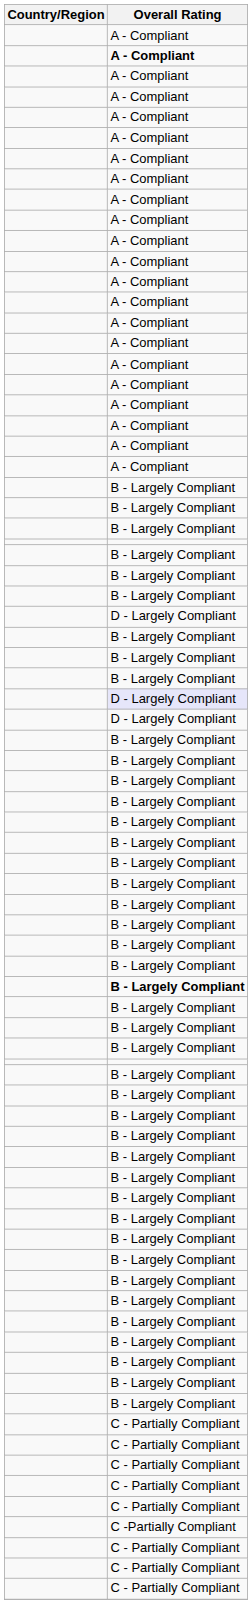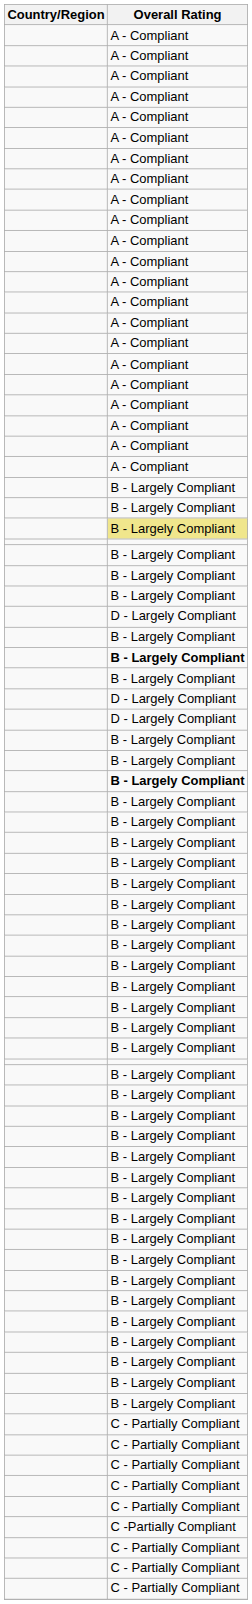 <table class="wikitable sortable">
 <tr>
 <th style="width:2em;">Country/Region</th>
 <th>Overall Rating</th>
 </tr>
 <tr>
 <td></td>
 <td>A - Compliant</td>
 </tr>
 <tr>
 <td></td>
-<td><strong>A - Compliant</strong></td>
+<td>A - Compliant</td>
 </tr>
 <tr>
 <td></td>
 <td>A - Compliant</td>
 </tr>
 <tr>
 <td></td>
 <td>A - Compliant</td>
 </tr>
 <tr>
 <td></td>
 <td>A - Compliant</td>
 </tr>
 <tr>
 <td></td>
 <td>A - Compliant</td>
 </tr>
 <tr>
 <td></td>
 <td>A - Compliant</td>
 </tr>
 <tr>
 <td></td>
 <td>A - Compliant</td>
 </tr>
 <tr>
 <td></td>
 <td>A - Compliant</td>
 </tr>
 <tr>
 <td></td>
 <td>A - Compliant</td>
 </tr>
 <tr>
 <td></td>
 <td>A - Compliant</td>
 </tr>
 <tr>
 <td></td>
 <td>A - Compliant</td>
 </tr>
 <tr>
 <td></td>
 <td>A - Compliant</td>
 </tr>
 <tr>
 <td></td>
 <td>A - Compliant</td>
 </tr>
 <tr>
 <td></td>
 <td>A - Compliant</td>
 </tr>
 <tr>
 <td></td>
 <td>A - Compliant</td>
 </tr>
 <tr>
 <td></td>
 <td>A - Compliant</td>
 </tr>
 <tr>
 <td></td>
 <td>A - Compliant</td>
 </tr>
 <tr>
 <td></td>
 <td>A - Compliant</td>
 </tr>
 <tr>
 <td></td>
 <td>A - Compliant</td>
 </tr>
 <tr>
 <td></td>
 <td>A - Compliant</td>
 </tr>
 <tr>
 <td></td>
 <td>A - Compliant</td>
 </tr>
 <tr>
 <td></td>
 <td>B - Largely Compliant</td>
 </tr>
 <tr>
 <td></td>
 <td>B - Largely Compliant</td>
 </tr>
 <tr>
 <td></td>
-<td>B - Largely Compliant</td>
+<td style="background: khaki;">B - Largely Compliant</td>
 </tr>
 <tr>
 <td></td>
 </tr>
 <tr>
 <td></td>
 <td>B - Largely Compliant</td>
 </tr>
 <tr>
 <td></td>
 <td>B - Largely Compliant</td>
 </tr>
 <tr>
 <td></td>
 <td>B - Largely Compliant</td>
 </tr>
 <tr>
 <td></td>
 <td>D - Largely Compliant</td>
 </tr>
 <tr>
 <td></td>
 <td>B - Largely Compliant</td>
 </tr>
 <tr>
 <td></td>
+<td><strong>B - Largely Compliant</strong></td>
+</tr>
+<tr>
+<td></td>
+<td>B - Largely Compliant</td>
+</tr>
+<tr>
+<td></td>
+<td>D - Largely Compliant</td>
+</tr>
+<tr>
+<td></td>
+<td>D - Largely Compliant</td>
+</tr>
+<tr>
+<td></td>
 <td>B - Largely Compliant</td>
 </tr>
 <tr>
 <td></td>
 <td>B - Largely Compliant</td>
 </tr>
 <tr>
 <td></td>
-<td style="background: lavender;">D - Largely Compliant</td>
-</tr>
-<tr>
-<td></td>
-<td>D - Largely Compliant</td>
+<td><strong>B - Largely Compliant</strong></td>
 </tr>
 <tr>
 <td></td>
 <td>B - Largely Compliant</td>
 </tr>
 <tr>
 <td></td>
 <td>B - Largely Compliant</td>
 </tr>
 <tr>
 <td></td>
 <td>B - Largely Compliant</td>
 </tr>
 <tr>
 <td></td>
 <td>B - Largely Compliant</td>
 </tr>
 <tr>
 <td></td>
 <td>B - Largely Compliant</td>
 </tr>
 <tr>
 <td></td>
 <td>B - Largely Compliant</td>
 </tr>
 <tr>
 <td></td>
 <td>B - Largely Compliant</td>
 </tr>
 <tr>
 <td></td>
 <td>B - Largely Compliant</td>
 </tr>
 <tr>
 <td></td>
 <td>B - Largely Compliant</td>
 </tr>
 <tr>
 <td></td>
 <td>B - Largely Compliant</td>
-</tr>
-<tr>
-<td></td>
-<td>B - Largely Compliant</td>
-</tr>
-<tr>
-<td></td>
-<td>B - Largely Compliant</td>
-</tr>
-<tr>
-<td></td>
-<td><strong>B - Largely Compliant</strong></td>
 </tr>
 <tr>
 <td></td>
 <td>B - Largely Compliant</td>
 </tr>
 <tr>
 <td></td>
 <td>B - Largely Compliant</td>
 </tr>
 <tr>
 <td></td>
 <td>B - Largely Compliant</td>
 </tr>
 <tr>
 <td></td>
 </tr>
 <tr>
 <td></td>
 <td>B - Largely Compliant</td>
 </tr>
 <tr>
 <td></td>
 <td>B - Largely Compliant</td>
 </tr>
 <tr>
 <td></td>
 <td>B - Largely Compliant</td>
 </tr>
 <tr>
 <td></td>
 <td>B - Largely Compliant</td>
 </tr>
 <tr>
 <td></td>
 <td>B - Largely Compliant</td>
 </tr>
 <tr>
 <td></td>
 <td>B - Largely Compliant</td>
 </tr>
 <tr>
 <td></td>
 <td>B - Largely Compliant</td>
 </tr>
 <tr>
 <td></td>
 <td>B - Largely Compliant</td>
 </tr>
 <tr>
 <td></td>
 <td>B - Largely Compliant</td>
 </tr>
 <tr>
 <td></td>
 <td>B - Largely Compliant</td>
 </tr>
 <tr>
 <td></td>
 <td>B - Largely Compliant</td>
 </tr>
 <tr>
 <td></td>
 <td>B - Largely Compliant</td>
 </tr>
 <tr>
 <td></td>
 <td>B - Largely Compliant</td>
 </tr>
 <tr>
 <td></td>
 <td>B - Largely Compliant</td>
 </tr>
 <tr>
 <td></td>
 <td>B - Largely Compliant</td>
 </tr>
 <tr>
 <td></td>
 <td>B - Largely Compliant</td>
 </tr>
 <tr>
 <td></td>
 <td>B - Largely Compliant</td>
 </tr>
 <tr>
 <td></td>
 <td>C - Partially Compliant</td>
 </tr>
 <tr>
 <td></td>
 <td>C - Partially Compliant</td>
 </tr>
 <tr>
 <td></td>
 <td>C - Partially Compliant</td>
 </tr>
 <tr>
 <td></td>
 <td>C - Partially Compliant</td>
 </tr>
 <tr>
 <td></td>
 <td>C - Partially Compliant</td>
 </tr>
 <tr>
 <td></td>
 <td>C -Partially Compliant</td>
 </tr>
 <tr>
 <td></td>
 <td>C - Partially Compliant</td>
 </tr>
 <tr>
 <td></td>
 <td>C - Partially Compliant</td>
 </tr>
 <tr>
 <td></td>
 <td>C - Partially Compliant</td>
 </tr>
 <tr>
 </tr>
 </table>
